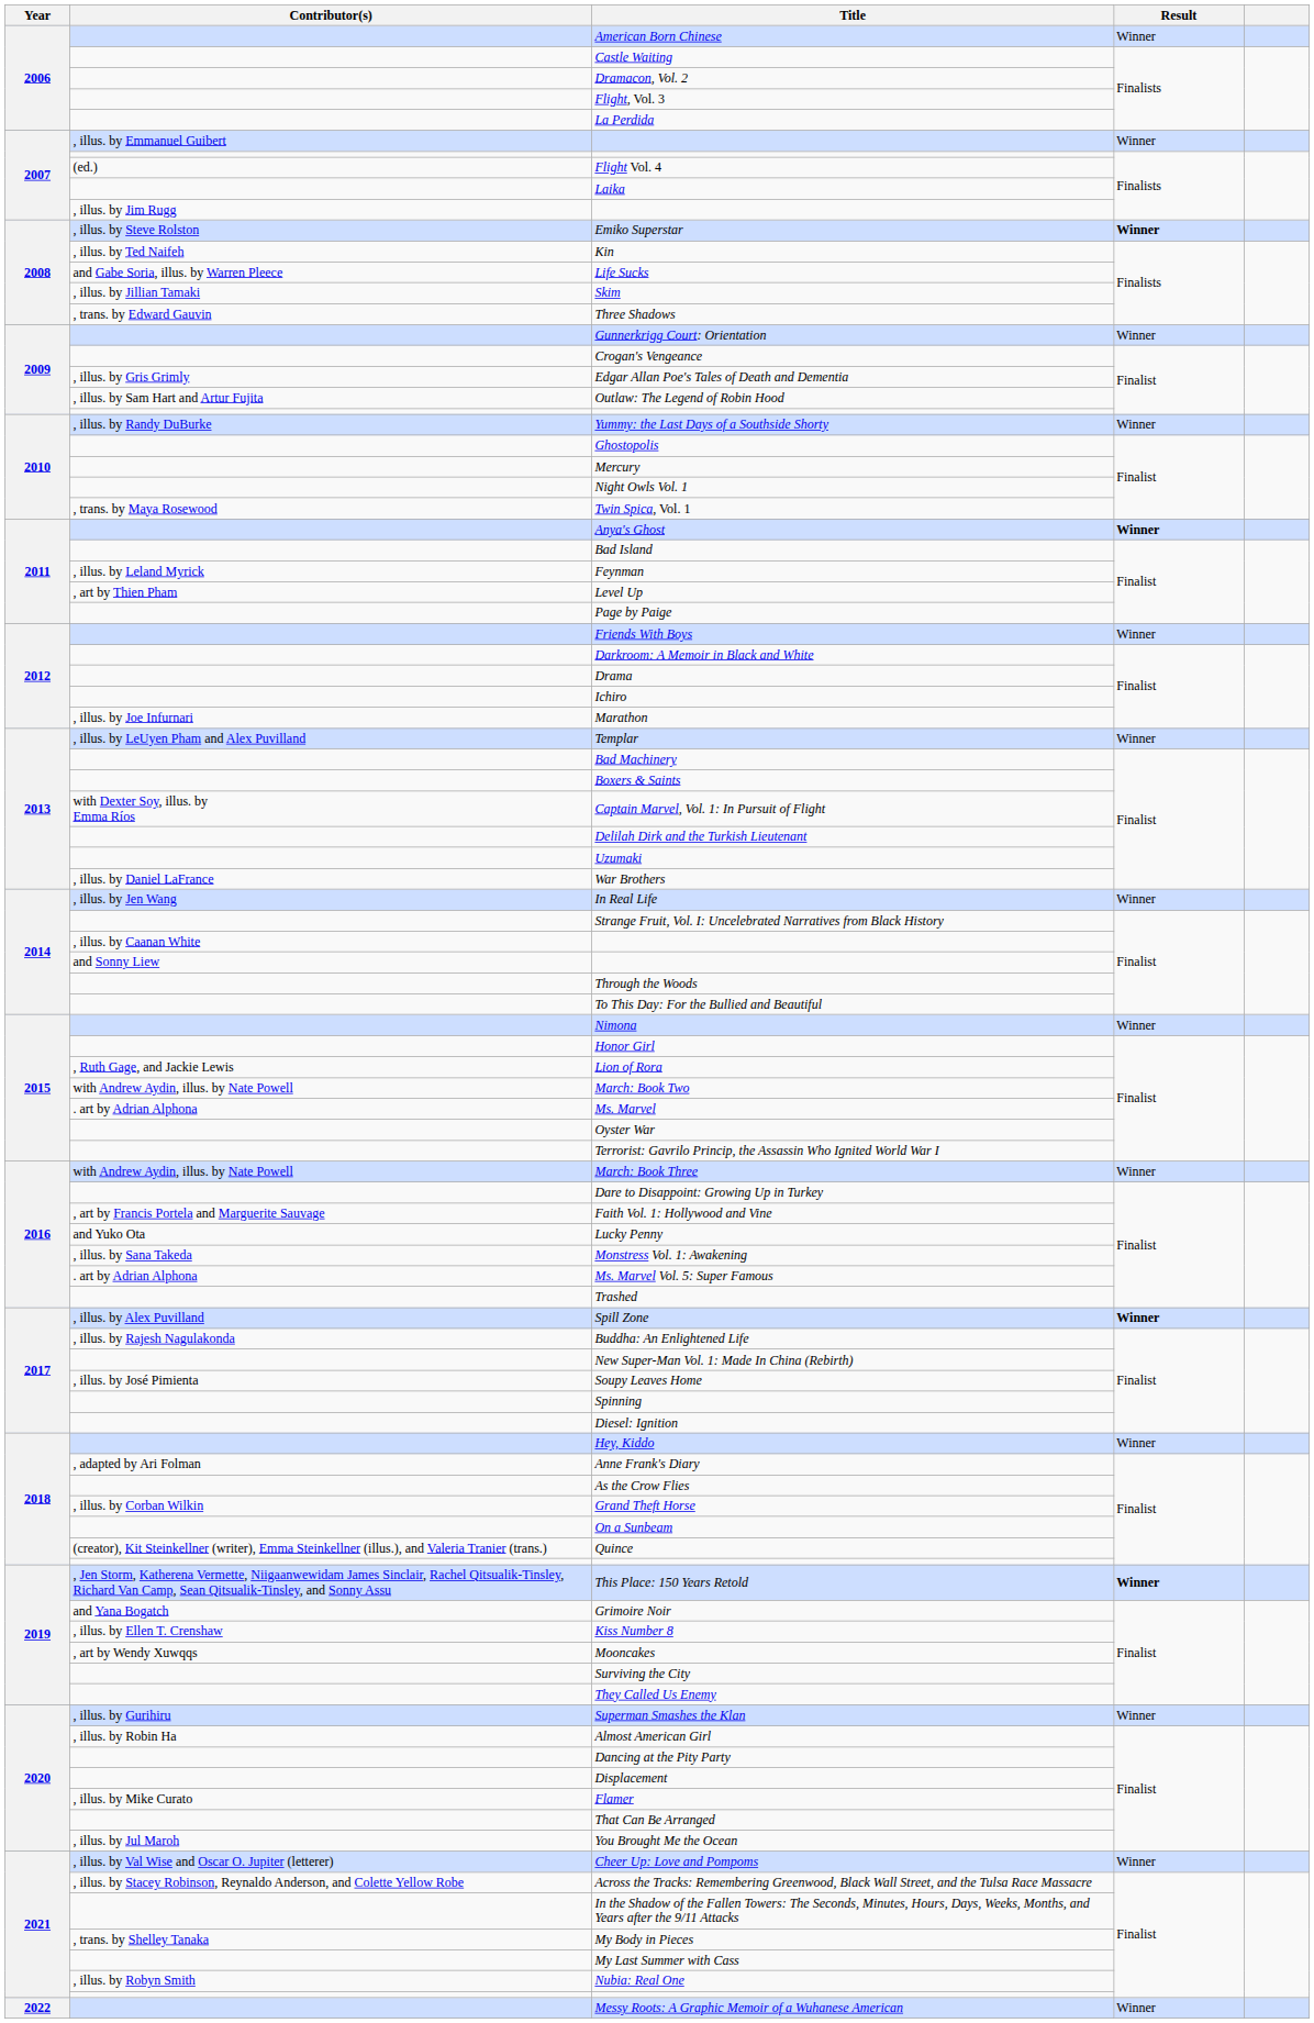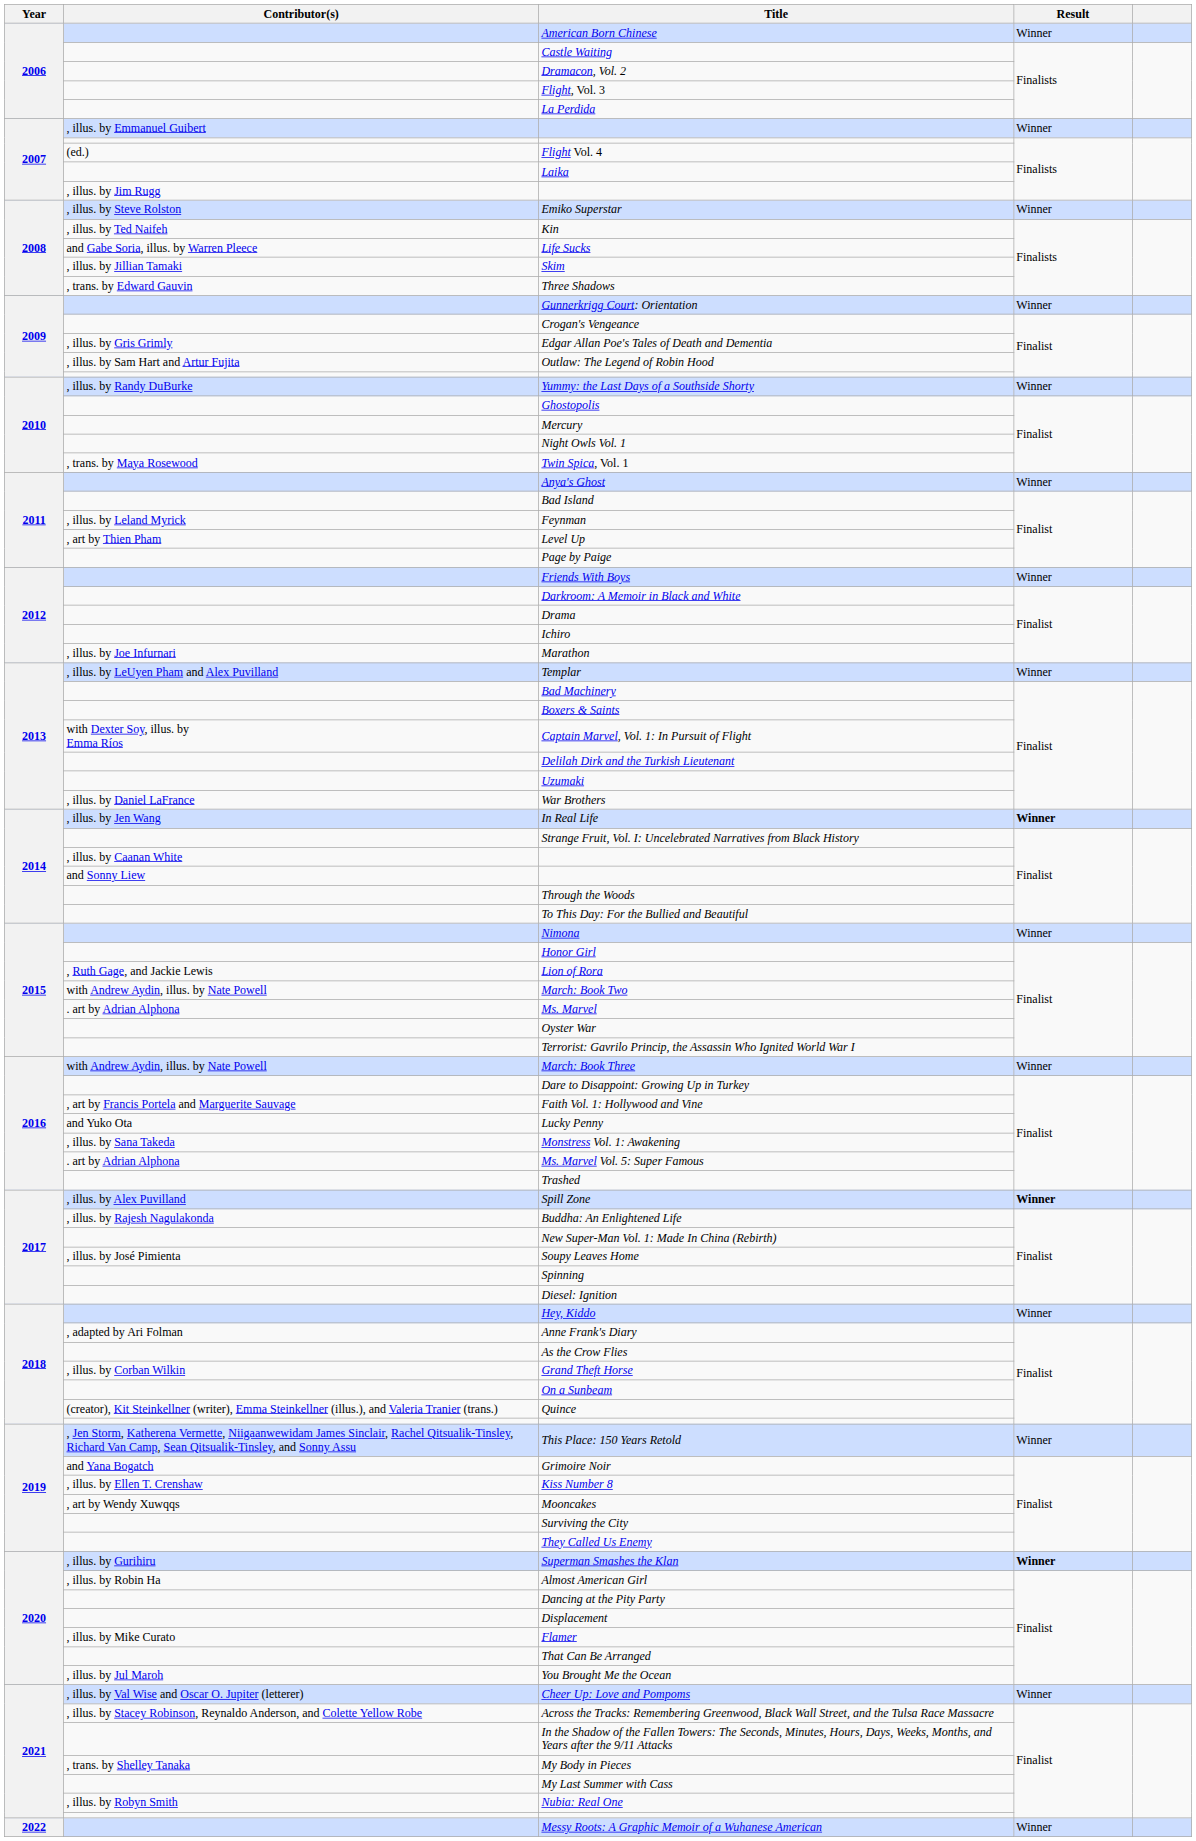 <table class="wikitable sortable mw-collapsible" width="100%">
 <tr>
 <th scope=col width="5%">Year</th>
 <th>Contributor(s)</th>
 <th scope=col width="40%">Title</th>
 <th scope=col width="10%">Result</th>
 <th scope=col width="5%" class="unsortable"></th>
 </tr>
 <tr style="background:#cddeff">
 <th scope=row rowspan="5"><a href='#'>2006</a></th>
 <td></td>
 <td><em><a href='#'>American Born Chinese</a></em></td>
 <td>Winner</td>
 <td></td>
 </tr>
 <tr>
 <td></td>
 <td><em><a href='#'>Castle Waiting</a></em></td>
 <td rowspan="4">Finalists</td>
 <td rowspan="4"></td>
 </tr>
 <tr>
 <td></td>
 <td><em><a href='#'>Dramacon</a>, Vol. 2</em></td>
 </tr>
 <tr>
 <td></td>
 <td><em><a href='#'>Flight</a>,</em> Vol. 3</td>
 </tr>
 <tr>
 <td></td>
 <td><em><a href='#'>La Perdida</a></em></td>
 </tr>
 <tr style="background:#cddeff">
 <th scope=row rowspan="5"><a href='#'>2007</a></th>
 <td>, illus. by <a href='#'>Emmanuel Guibert</a></td>
 <td><em></em></td>
 <td>Winner</td>
 <td></td>
 </tr>
 <tr>
 <td></td>
 <td></td>
 <td rowspan="4">Finalists</td>
 <td rowspan="4"></td>
 </tr>
 <tr>
 <td> (ed.)</td>
 <td><em><a href='#'>Flight</a></em> Vol. 4</td>
 </tr>
 <tr>
 <td></td>
 <td><em><a href='#'>Laika</a></em></td>
 </tr>
 <tr>
 <td>, illus. by <a href='#'>Jim Rugg</a></td>
 <td></td>
 </tr>
 <tr style="background:#cddeff">
 <th scope=row rowspan="5"><a href='#'>2008</a></th>
 <td>, illus. by <a href='#'>Steve Rolston</a></td>
 <td><em>Emiko Superstar</em></td>
-<td><strong>Winner</strong></td>
+<td>Winner</td>
 <td></td>
 </tr>
 <tr>
 <td>, illus. by <a href='#'>Ted Naifeh</a></td>
 <td><em>Kin</em></td>
 <td rowspan="4">Finalists</td>
 <td rowspan="4"></td>
 </tr>
 <tr>
 <td> and <a href='#'>Gabe Soria</a>, illus. by <a href='#'>Warren Pleece</a></td>
 <td><em><a href='#'>Life Sucks</a></em></td>
 </tr>
 <tr>
 <td>, illus. by <a href='#'>Jillian Tamaki</a></td>
 <td><em><a href='#'>Skim</a></em></td>
 </tr>
 <tr>
 <td>, trans. by <a href='#'>Edward Gauvin</a></td>
 <td><em>Three Shadows</em></td>
 </tr>
 <tr style="background:#cddeff">
 <th scope=row rowspan="5"><a href='#'>2009</a></th>
 <td></td>
 <td><em><a href='#'>Gunnerkrigg Court</a>: Orientation</em></td>
 <td>Winner</td>
 <td></td>
 </tr>
 <tr>
 <td></td>
 <td><em>Crogan's Vengeance</em></td>
 <td rowspan="4">Finalist</td>
 <td rowspan="4"></td>
 </tr>
 <tr>
 <td>, illus. by <a href='#'>Gris Grimly</a></td>
 <td><em>Edgar Allan Poe's Tales of Death and Dementia</em></td>
 </tr>
 <tr>
 <td>, illus. by Sam Hart and <a href='#'>Artur Fujita</a></td>
 <td><em>Outlaw: The Legend of Robin Hood</em></td>
 </tr>
 <tr>
 <td></td>
 <td></td>
 </tr>
 <tr style="background:#cddeff">
 <th scope=row rowspan="5"><a href='#'>2010</a></th>
 <td>, illus. by <a href='#'>Randy DuBurke</a></td>
 <td><em><a href='#'>Yummy: the Last Days of a Southside Shorty</a></em></td>
 <td>Winner</td>
 <td></td>
 </tr>
 <tr>
 <td></td>
 <td><em><a href='#'>Ghostopolis</a></em></td>
 <td rowspan="4">Finalist</td>
 <td rowspan="4"></td>
 </tr>
 <tr>
 <td></td>
 <td><em>Mercury</em></td>
 </tr>
 <tr>
 <td></td>
 <td><em>Night Owls Vol. 1</em></td>
 </tr>
 <tr>
 <td>, trans. by <a href='#'>Maya Rosewood</a></td>
 <td><em><a href='#'>Twin Spica</a></em>, Vol. 1</td>
 </tr>
 <tr style="background:#cddeff">
 <th scope=row rowspan="5"><a href='#'>2011</a></th>
 <td></td>
 <td><em><a href='#'>Anya's Ghost</a></em></td>
-<td><strong>Winner</strong></td>
+<td>Winner</td>
 <td></td>
 </tr>
 <tr>
 <td></td>
 <td><em>Bad Island</em></td>
 <td rowspan="4">Finalist</td>
 <td rowspan="4"></td>
 </tr>
 <tr>
 <td>, illus. by <a href='#'>Leland Myrick</a></td>
 <td><em>Feynman</em></td>
 </tr>
 <tr>
 <td>, art by <a href='#'>Thien Pham</a></td>
 <td><em>Level Up</em></td>
 </tr>
 <tr>
 <td></td>
 <td><em>Page by Paige</em></td>
 </tr>
 <tr style="background:#cddeff">
 <th scope=row rowspan="5"><a href='#'>2012</a></th>
 <td></td>
 <td><em><a href='#'>Friends With Boys</a></em></td>
 <td>Winner</td>
 <td></td>
 </tr>
 <tr>
 <td></td>
 <td><em><a href='#'>Darkroom: A Memoir in Black and White</a></em></td>
 <td rowspan="4">Finalist</td>
 <td rowspan="4"></td>
 </tr>
 <tr>
 <td></td>
 <td><em>Drama</em></td>
 </tr>
 <tr>
 <td></td>
 <td><em>Ichiro</em></td>
 </tr>
 <tr>
 <td>, illus. by <a href='#'>Joe Infurnari</a></td>
 <td><em>Marathon</em></td>
 </tr>
 <tr style="background:#cddeff">
 <th scope=row rowspan="7"><a href='#'>2013</a></th>
 <td>, illus. by <a href='#'>LeUyen Pham</a> and <a href='#'>Alex Puvilland</a></td>
 <td><em>Templar</em></td>
 <td>Winner</td>
 <td></td>
 </tr>
 <tr>
 <td></td>
 <td><em><a href='#'>Bad Machinery</a></em></td>
 <td rowspan="6">Finalist</td>
 <td rowspan="6"></td>
 </tr>
 <tr>
 <td></td>
 <td><em><a href='#'>Boxers & Saints</a></em></td>
 </tr>
 <tr>
 <td> with <a href='#'>Dexter Soy</a>, illus. by<br><a href='#'>Emma Ríos</a></td>
 <td><em><a href='#'>Captain Marvel</a>, Vol. 1: In Pursuit of Flight</em></td>
 </tr>
 <tr>
 <td></td>
 <td><em><a href='#'>Delilah Dirk and the Turkish Lieutenant</a></em></td>
 </tr>
 <tr>
 <td></td>
 <td><em><a href='#'>Uzumaki</a></em></td>
 </tr>
 <tr>
 <td>, illus. by <a href='#'>Daniel LaFrance</a></td>
 <td><em>War Brothers</em></td>
 </tr>
 <tr style="background:#cddeff">
 <th scope=row rowspan="6"><a href='#'>2014</a></th>
 <td>, illus. by <a href='#'>Jen Wang</a></td>
 <td><em>In Real Life</em></td>
-<td>Winner</td>
+<td><strong>Winner</strong></td>
 <td></td>
 </tr>
 <tr>
 <td></td>
 <td><em>Strange Fruit, Vol. I: Uncelebrated Narratives from Black History</em></td>
 <td rowspan="5">Finalist</td>
 <td rowspan="5"></td>
 </tr>
 <tr>
 <td>, illus. by <a href='#'>Caanan White</a></td>
 <td></td>
 </tr>
 <tr>
 <td> and <a href='#'>Sonny Liew</a></td>
 <td></td>
 </tr>
 <tr>
 <td></td>
 <td><em>Through the Woods</em></td>
 </tr>
 <tr>
 <td></td>
 <td><em>To This Day: For the Bullied and Beautiful</em></td>
 </tr>
 <tr style="background:#cddeff">
 <th scope=row rowspan="7"><a href='#'>2015</a></th>
 <td></td>
 <td><em><a href='#'>Nimona</a></em></td>
 <td>Winner</td>
 <td></td>
 </tr>
 <tr>
 <td></td>
 <td><em><a href='#'>Honor Girl</a></em></td>
 <td rowspan="6">Finalist</td>
 <td rowspan="6"></td>
 </tr>
 <tr>
 <td>, <a href='#'>Ruth Gage</a>, and Jackie Lewis</td>
 <td><em><a href='#'>Lion of Rora</a></em></td>
 </tr>
 <tr>
 <td> with <a href='#'>Andrew Aydin</a>, illus. by <a href='#'>Nate Powell</a></td>
 <td><em><a href='#'>March: Book Two</a></em></td>
 </tr>
 <tr>
 <td>. art by <a href='#'>Adrian Alphona</a></td>
 <td><em><a href='#'>Ms. Marvel</a></em></td>
 </tr>
 <tr>
 <td></td>
 <td><em>Oyster War</em></td>
 </tr>
 <tr>
 <td></td>
 <td><em>Terrorist: Gavrilo Princip, the Assassin Who Ignited World War I</em></td>
 </tr>
 <tr style="background:#cddeff">
 <th scope=row rowspan="7"><a href='#'>2016</a></th>
 <td> with <a href='#'>Andrew Aydin</a>, illus. by <a href='#'>Nate Powell</a></td>
 <td><em><a href='#'>March: Book Three</a></em></td>
 <td>Winner</td>
 <td></td>
 </tr>
 <tr>
 <td></td>
 <td><em>Dare to Disappoint: Growing Up in Turkey</em></td>
 <td rowspan="6">Finalist</td>
 <td rowspan="6"></td>
 </tr>
 <tr>
 <td>, art by <a href='#'>Francis Portela</a> and <a href='#'>Marguerite Sauvage</a></td>
 <td><em>Faith Vol. 1: Hollywood and Vine</em></td>
 </tr>
 <tr>
 <td> and Yuko Ota</td>
 <td><em>Lucky Penny</em></td>
 </tr>
 <tr>
 <td>, illus. by <a href='#'>Sana Takeda</a></td>
 <td><em><a href='#'>Monstress</a> Vol. 1: Awakening</em></td>
 </tr>
 <tr>
 <td>. art by <a href='#'>Adrian Alphona</a></td>
 <td><em><a href='#'>Ms. Marvel</a> Vol. 5: Super Famous</em></td>
 </tr>
 <tr>
 <td></td>
 <td><em>Trashed</em></td>
 </tr>
 <tr style="background:#cddeff">
 <th scope=row rowspan="6"><a href='#'>2017</a></th>
 <td>, illus. by <a href='#'>Alex Puvilland</a></td>
 <td><em>Spill Zone</em></td>
 <td><strong>Winner</strong></td>
 <td></td>
 </tr>
 <tr>
 <td>, illus. by <a href='#'>Rajesh Nagulakonda</a></td>
 <td><em>Buddha: An Enlightened Life</em></td>
 <td rowspan="5">Finalist</td>
 <td rowspan="5"></td>
 </tr>
 <tr>
 <td></td>
 <td><em>New Super-Man Vol. 1: Made In China (Rebirth)</em></td>
 </tr>
 <tr>
 <td>, illus. by José Pimienta</td>
 <td><em>Soupy Leaves Home</em></td>
 </tr>
 <tr>
 <td></td>
 <td><em>Spinning</em></td>
 </tr>
 <tr>
 <td></td>
 <td><em>Diesel: Ignition</em></td>
 </tr>
 <tr style="background:#cddeff">
 <th scope=row rowspan="7"><a href='#'>2018</a></th>
 <td></td>
 <td><em><a href='#'>Hey, Kiddo</a></em></td>
 <td>Winner</td>
 <td></td>
 </tr>
 <tr>
 <td>, adapted by Ari Folman</td>
 <td><em>Anne Frank's Diary</em></td>
 <td rowspan="6">Finalist</td>
 <td rowspan="6"></td>
 </tr>
 <tr>
 <td></td>
 <td><em>As the Crow Flies</em></td>
 </tr>
 <tr>
 <td>, illus. by <a href='#'>Corban Wilkin</a></td>
 <td><em><a href='#'>Grand Theft Horse</a></em></td>
 </tr>
 <tr>
 <td></td>
 <td><em><a href='#'>On a Sunbeam</a></em></td>
 </tr>
 <tr>
 <td> (creator), <a href='#'>Kit Steinkellner</a> (writer), <a href='#'>Emma Steinkellner</a> (illus.), and <a href='#'>Valeria Tranier</a> (trans.)</td>
 <td><em>Quince</em></td>
 </tr>
 <tr>
 <td></td>
 <td><em></em></td>
 </tr>
 <tr style="background:#cddeff">
 <th scope=row rowspan="6"><a href='#'>2019</a></th>
 <td>, <a href='#'>Jen Storm</a>, <a href='#'>Katherena Vermette</a>, <a href='#'>Niigaanwewidam James Sinclair</a>, <a href='#'>Rachel Qitsualik-Tinsley</a>, <a href='#'>Richard Van Camp</a>, <a href='#'>Sean Qitsualik-Tinsley</a>, and <a href='#'>Sonny Assu</a></td>
 <td><em>This Place: 150 Years Retold</em></td>
-<td><strong>Winner</strong></td>
+<td>Winner</td>
 <td></td>
 </tr>
 <tr>
 <td> and <a href='#'>Yana Bogatch</a></td>
 <td><em>Grimoire Noir</em></td>
 <td rowspan="5">Finalist</td>
 <td rowspan="5"></td>
 </tr>
 <tr>
 <td>, illus. by <a href='#'>Ellen T. Crenshaw</a></td>
 <td><em><a href='#'>Kiss Number 8</a></em></td>
 </tr>
 <tr>
 <td>, art by Wendy Xuwqqs</td>
 <td><em>Mooncakes</em></td>
 </tr>
 <tr>
 <td></td>
 <td><em>Surviving the City</em></td>
 </tr>
 <tr>
 <td></td>
 <td><em><a href='#'>They Called Us Enemy</a></em></td>
 </tr>
 <tr style="background:#cddeff">
 <th scope=row rowspan="7"><a href='#'>2020</a></th>
 <td>, illus. by <a href='#'>Gurihiru</a></td>
 <td><em><a href='#'>Superman Smashes the Klan</a></em></td>
-<td>Winner</td>
+<td><strong>Winner</strong></td>
 <td></td>
 </tr>
 <tr>
 <td>, illus. by Robin Ha</td>
 <td><em>Almost American Girl</em></td>
 <td rowspan="6">Finalist</td>
 <td rowspan="6"></td>
 </tr>
 <tr>
 <td></td>
 <td><em>Dancing at the Pity Party</em></td>
 </tr>
 <tr>
 <td></td>
 <td><em>Displacement</em></td>
 </tr>
 <tr>
 <td>, illus. by Mike Curato</td>
 <td><em><a href='#'>Flamer</a></em></td>
 </tr>
 <tr>
 <td></td>
 <td><em>That Can Be Arranged</em></td>
 </tr>
 <tr>
 <td>, illus. by <a href='#'>Jul Maroh</a></td>
 <td><em>You Brought Me the Ocean</em></td>
 </tr>
 <tr style="background:#cddeff">
 <th scope=row rowspan="7"><a href='#'>2021</a></th>
 <td>, illus. by <a href='#'>Val Wise</a> and <a href='#'>Oscar O. Jupiter</a> (letterer)</td>
 <td><em><a href='#'>Cheer Up: Love and Pompoms</a></em></td>
 <td>Winner</td>
 <td></td>
 </tr>
 <tr>
 <td>, illus. by <a href='#'>Stacey Robinson</a>, Reynaldo Anderson, and <a href='#'>Colette Yellow Robe</a></td>
 <td><em>Across the Tracks: Remembering Greenwood, Black Wall Street, and the Tulsa Race Massacre</em></td>
 <td rowspan="6">Finalist</td>
 <td rowspan="6"></td>
 </tr>
 <tr>
 <td></td>
 <td><em>In the Shadow of the Fallen Towers: The Seconds, Minutes, Hours, Days, Weeks, Months, and Years after the 9/11 Attacks</em></td>
 </tr>
 <tr>
 <td>, trans. by <a href='#'>Shelley Tanaka</a></td>
 <td><em>My Body in Pieces</em></td>
 </tr>
 <tr>
 <td></td>
 <td><em>My Last Summer with Cass</em></td>
 </tr>
 <tr>
 <td>, illus. by <a href='#'>Robyn Smith</a></td>
 <td><em><a href='#'>Nubia: Real One</a></em></td>
 </tr>
 <tr>
 <td></td>
 <td></td>
 </tr>
 <tr style="background:#cddeff">
 <th><a href='#'>2022</a></th>
 <td></td>
 <td><em><a href='#'>Messy Roots: A Graphic Memoir of a Wuhanese American</a></em></td>
 <td>Winner</td>
 <td></td>
 </tr>
 </table>
